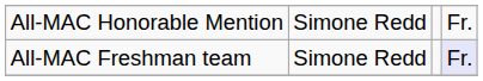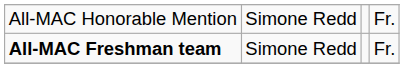 <table class="wikitable" border="1">
 <tr align=center>
 </tr>
 <tr>
 <td>All-MAC Honorable Mention</td>
 <td>Simone Redd</td>
 <td></td>
 <td>Fr.</td>
 </tr>
 <tr>
-<td>All-MAC Freshman team</td>
+<td><strong>All-MAC Freshman team</strong></td>
 <td>Simone Redd</td>
 <td></td>
-<td style="background: lavender;">Fr.</td>
+<td>Fr.</td>
 </tr>
 <tr>
 </tr>
 </table>
